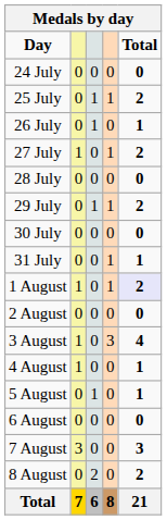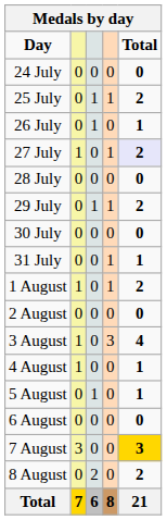 <table class="wikitable" style="font-size:85%">
 <tr style="background:#efefef;">
 <th colspan=7><strong>Medals by day</strong></th>
 </tr>
 <tr align=center>
 <td><strong>Day</strong></td>
 <td bgcolor=#f7f6a8></td>
 <td bgcolor=#dce5e5></td>
 <td bgcolor=#ffdab9></td>
 <td><strong>Total</strong></td>
 </tr>
 <tr align=center>
 <td>24 July</td>
 <td style="background:#F7F6A8;">0</td>
 <td style="background:#DCE5E5;">0</td>
 <td style="background:#FFDAB9;">0</td>
 <td><strong>0</strong></td>
 </tr>
 <tr align=center>
 <td>25 July</td>
 <td style="background:#F7F6A8;">0</td>
 <td style="background:#DCE5E5;">1</td>
 <td style="background:#FFDAB9;">1</td>
 <td><strong>2</strong></td>
 </tr>
 <tr align=center>
 <td>26 July</td>
 <td style="background:#F7F6A8;">0</td>
 <td style="background:#DCE5E5;">1</td>
 <td style="background:#FFDAB9;">0</td>
 <td><strong>1</strong></td>
 </tr>
 <tr align=center>
 <td>27 July</td>
 <td style="background:#F7F6A8;">1</td>
 <td style="background:#DCE5E5;">0</td>
 <td style="background:#FFDAB9;">1</td>
-<td><strong>2</strong></td>
+<td style="background: lavender;"><strong>2</strong></td>
 </tr>
 <tr align=center>
 <td>28 July</td>
 <td style="background:#F7F6A8;">0</td>
 <td style="background:#DCE5E5;">0</td>
 <td style="background:#FFDAB9;">0</td>
 <td><strong>0</strong></td>
 </tr>
 <tr align=center>
 <td>29 July</td>
 <td style="background:#F7F6A8;">0</td>
 <td style="background:#DCE5E5;">1</td>
 <td style="background:#FFDAB9;">1</td>
 <td><strong>2</strong></td>
 </tr>
 <tr align=center>
 <td>30 July</td>
 <td style="background:#F7F6A8;">0</td>
 <td style="background:#DCE5E5;">0</td>
 <td style="background:#FFDAB9;">0</td>
 <td><strong>0</strong></td>
 </tr>
 <tr align=center>
 <td>31 July</td>
 <td style="background:#F7F6A8;">0</td>
 <td style="background:#DCE5E5;">0</td>
 <td style="background:#FFDAB9;">1</td>
 <td><strong>1</strong></td>
 </tr>
 <tr align=center>
 <td>1 August</td>
 <td style="background:#F7F6A8;">1</td>
 <td style="background:#DCE5E5;">0</td>
 <td style="background:#FFDAB9;">1</td>
-<td style="background: lavender;"><strong>2</strong></td>
+<td><strong>2</strong></td>
 </tr>
 <tr align=center>
 <td>2 August</td>
 <td style="background:#F7F6A8;">0</td>
 <td style="background:#DCE5E5;">0</td>
 <td style="background:#FFDAB9;">0</td>
 <td><strong>0</strong></td>
 </tr>
 <tr align=center>
 <td>3 August</td>
 <td style="background:#F7F6A8;">1</td>
 <td style="background:#DCE5E5;">0</td>
 <td style="background:#FFDAB9;">3</td>
 <td><strong>4</strong></td>
 </tr>
 <tr align=center>
 <td>4 August</td>
 <td style="background:#F7F6A8;">1</td>
 <td style="background:#DCE5E5;">0</td>
 <td style="background:#FFDAB9;">0</td>
 <td><strong>1</strong></td>
 </tr>
 <tr align=center>
 <td>5 August</td>
 <td style="background:#F7F6A8;">0</td>
 <td style="background:#DCE5E5;">1</td>
 <td style="background:#FFDAB9;">0</td>
 <td><strong>1</strong></td>
 </tr>
 <tr align=center>
 <td>6 August</td>
 <td style="background:#F7F6A8;">0</td>
 <td style="background:#DCE5E5;">0</td>
 <td style="background:#FFDAB9;">0</td>
 <td><strong>0</strong></td>
 </tr>
 <tr align=center>
 <td>7 August</td>
 <td style="background:#F7F6A8;">3</td>
 <td style="background:#DCE5E5;">0</td>
 <td style="background:#FFDAB9;">0</td>
-<td><strong>3</strong></td>
+<td style="background: gold;"><strong>3</strong></td>
 </tr>
 <tr align=center>
 <td>8 August</td>
 <td style="background:#F7F6A8;">0</td>
 <td style="background:#DCE5E5;">2</td>
 <td style="background:#FFDAB9;">0</td>
 <td><strong>2</strong></td>
 </tr>
 <tr align=center>
 <th><strong>Total</strong></th>
 <th style="background:gold;"><strong>7</strong></th>
 <th style="background:silver;"><strong>6</strong></th>
 <th style="background:#c96;"><strong>8</strong></th>
 <th><strong>21</strong></th>
 </tr>
 </table>
